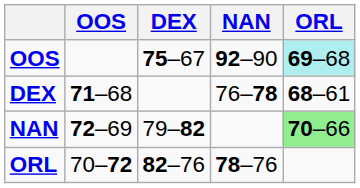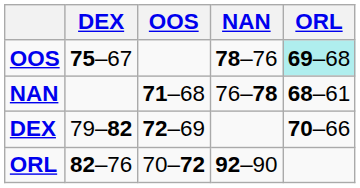 <table class="wikitable">
 <tr>
 <th></th>
+<th> <a href='#'>DEX</a></th>
 <th> <a href='#'>OOS</a></th>
-<th> <a href='#'>DEX</a></th>
 <th> <a href='#'>NAN</a></th>
 <th> <a href='#'>ORL</a></th>
 </tr>
 <tr>
 <td><strong> <a href='#'>OOS</a></strong></td>
+<td><strong>75</strong>–67</td>
 <td></td>
-<td><strong>75</strong>–67</td>
-<td><strong>92</strong>–90</td>
+<td><strong>78</strong>–76</td>
 <td style="background: paleturquoise;"><strong>69</strong>–68</td>
 </tr>
 <tr>
-<td> <a href='#'><strong>DEX</strong></a></td>
+<td> <a href='#'><strong>NAN</strong></a></td>
+<td></td>
 <td><strong>71</strong>–68</td>
-<td></td>
 <td>76–<strong>78</strong></td>
 <td><strong>68</strong>–61</td>
 </tr>
 <tr>
-<td> <a href='#'><strong>NAN</strong></a></td>
+<td> <a href='#'><strong>DEX</strong></a></td>
+<td>79–<strong>82</strong></td>
 <td><strong>72</strong>–69</td>
-<td>79–<strong>82</strong></td>
 <td></td>
-<td style="background: lightgreen;"><strong>70</strong>–66</td>
+<td><strong>70</strong>–66</td>
 </tr>
 <tr>
 <td> <a href='#'><strong>ORL</strong></a></td>
+<td><strong>82</strong>–76</td>
 <td>70–<strong>72</strong></td>
-<td><strong>82</strong>–76</td>
-<td><strong>78</strong>–76</td>
+<td><strong>92</strong>–90</td>
 <td></td>
 </tr>
 </table>
